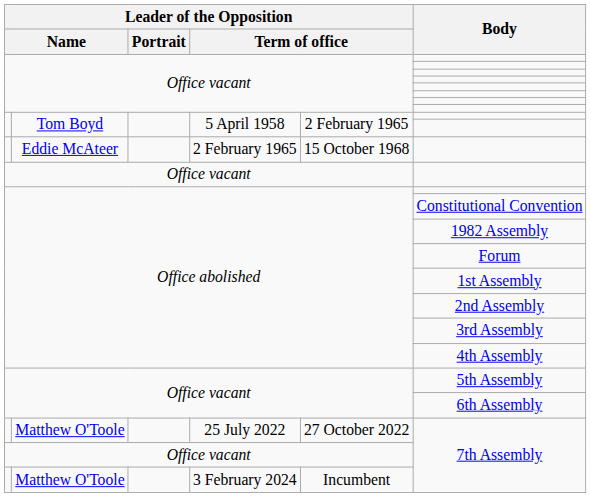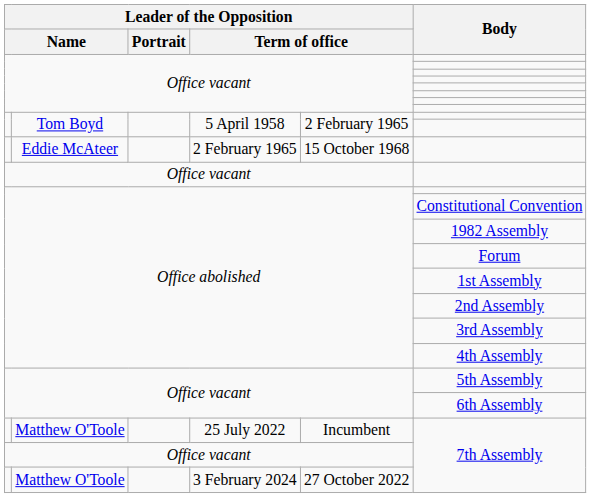 <table class="wikitable" style="text-align:center;">
 <tr>
 <th colspan="5">Leader of the Opposition</th>
 <th rowspan="2">Body</th>
 </tr>
 <tr>
 <th colspan="2">Name<br></th>
 <th>Portrait</th>
 <th colspan="2">Term of office</th>
 </tr>
 <tr>
 <td colspan="5" rowspan="8"><em>Office vacant</em></td>
 <td></td>
 </tr>
 <tr>
 <td></td>
 </tr>
 <tr>
 <td></td>
 </tr>
 <tr>
 <td></td>
 </tr>
 <tr>
 <td></td>
 </tr>
 <tr>
 <td></td>
 </tr>
 <tr>
 <td></td>
 </tr>
 <tr>
 <td></td>
 </tr>
 <tr>
 <td rowspan="2" style="background:"></td>
 <td colspan="1" rowspan="2"><a href='#'>Tom Boyd</a><br></td>
 <td rowspan="2"></td>
 <td rowspan="2">5 April 1958</td>
 <td rowspan="2">2 February 1965</td>
 <td></td>
 </tr>
 <tr>
 <td rowspan="2"></td>
 </tr>
 <tr>
 <td rowspan="2" style="background:"></td>
 <td colspan="1" rowspan="2"><a href='#'>Eddie McAteer</a><br></td>
 <td rowspan="2"></td>
 <td rowspan="2">2 February 1965</td>
 <td rowspan="2">15 October 1968</td>
 </tr>
 <tr>
 <td rowspan="2"></td>
 </tr>
 <tr>
 <td colspan="5" rowspan="2"><em>Office vacant</em></td>
 </tr>
 <tr>
 <td></td>
 </tr>
 <tr>
 <td colspan="5" rowspan="8"><em>Office abolished</em></td>
 <td></td>
 </tr>
 <tr>
 <td><a href='#'>Constitutional Convention</a></td>
 </tr>
 <tr>
 <td><a href='#'>1982 Assembly</a></td>
 </tr>
 <tr>
 <td><a href='#'>Forum</a></td>
 </tr>
 <tr>
 <td><a href='#'>1st Assembly</a></td>
 </tr>
 <tr>
 <td><a href='#'>2nd Assembly</a></td>
 </tr>
 <tr>
 <td><a href='#'>3rd Assembly</a></td>
 </tr>
 <tr>
 <td><a href='#'>4th Assembly</a></td>
 </tr>
 <tr>
 <td colspan="5" rowspan="3"><em>Office vacant</em></td>
 <td><a href='#'>5th Assembly</a></td>
 </tr>
 <tr>
 <td><a href='#'>6th Assembly</a></td>
 </tr>
 <tr>
 <td rowspan="4"><a href='#'>7th Assembly</a></td>
 </tr>
 <tr>
 <td style="background:"></td>
 <td colspan="1"><a href='#'>Matthew O'Toole</a><br></td>
 <td></td>
 <td>25 July 2022</td>
-<td>27 October 2022</td>
+<td>Incumbent</td>
 </tr>
 <tr>
 <td colspan="5"><em>Office vacant</em></td>
 </tr>
 <tr>
 <td style="background:"></td>
 <td colspan="1"><a href='#'>Matthew O'Toole</a><br></td>
 <td></td>
 <td>3 February 2024</td>
-<td>Incumbent</td>
+<td>27 October 2022</td>
 </tr>
 </table>
